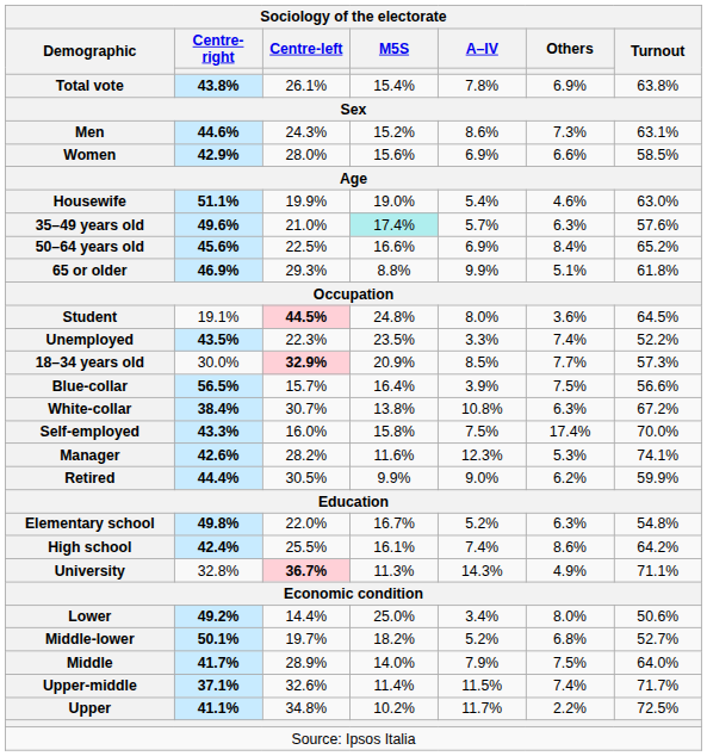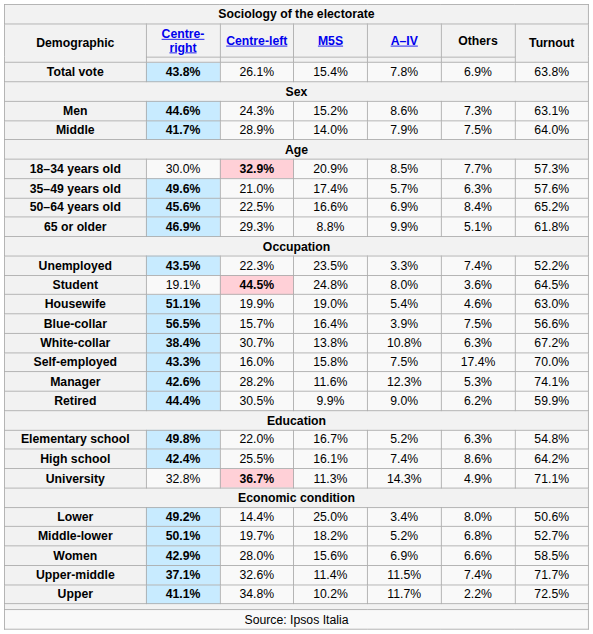 <table class="wikitable" style="font-size:90%;text-align:center;">
 <tr>
 <th colspan="7">Sociology of the electorate</th>
 </tr>
 <tr>
 <th scope="col" rowspan="2" class="unsortable" style="width:160px;">Demographic</th>
 <th scope="col" style="width:80px;"><a href='#'>Centre-right</a></th>
 <th scope="col" style="width:80px;"><a href='#'>Centre-left</a></th>
 <th scope="col" style="width:80px;"><a href='#'>M5S</a></th>
 <th scope="col" style="width:80px;"><a href='#'>A–IV</a></th>
 <th scope="col" style="width:80px;">Others</th>
 <th scope="col" rowspan="2" style="width:80px;">Turnout</th>
 </tr>
 <tr>
 <th style="background:"></th>
 <th style="background:"></th>
 <th style="background:"></th>
 <th style="background:"></th>
 <th style="background:"></th>
 </tr>
 <tr>
 <th>Total vote</th>
 <td style="background:#C8EBFF"><strong>43.8%</strong></td>
 <td>26.1%</td>
 <td>15.4%</td>
 <td>7.8%</td>
 <td>6.9%</td>
 <td>63.8%</td>
 </tr>
 <tr>
 <th colspan="7">Sex</th>
 </tr>
 <tr>
 <th>Men</th>
 <td style="background:#C8EBFF"><strong>44.6%</strong></td>
 <td>24.3%</td>
 <td>15.2%</td>
 <td>8.6%</td>
 <td>7.3%</td>
 <td>63.1%</td>
 </tr>
 <tr>
-<th>Women</th>
-<td style="background:#C8EBFF"><strong>42.9%</strong></td>
-<td>28.0%</td>
-<td>15.6%</td>
-<td>6.9%</td>
-<td>6.6%</td>
-<td>58.5%</td>
+<th>Middle</th>
+<td style="background:#C8EBFF"><strong>41.7%</strong></td>
+<td>28.9%</td>
+<td>14.0%</td>
+<td>7.9%</td>
+<td>7.5%</td>
+<td>64.0%</td>
 </tr>
 <tr>
 <th colspan="7">Age</th>
 </tr>
 <tr>
-<th>Housewife</th>
-<td style="background:#C8EBFF"><strong>51.1%</strong></td>
-<td>19.9%</td>
-<td>19.0%</td>
-<td>5.4%</td>
-<td>4.6%</td>
-<td>63.0%</td>
+<th>18–34 years old</th>
+<td>30.0%</td>
+<td style="background:#FFD0D7"><strong>32.9%</strong></td>
+<td>20.9%</td>
+<td>8.5%</td>
+<td>7.7%</td>
+<td>57.3%</td>
 </tr>
 <tr>
 <th>35–49 years old</th>
 <td style="background:#C8EBFF"><strong>49.6%</strong></td>
 <td>21.0%</td>
-<td style="background: paleturquoise;">17.4%</td>
+<td>17.4%</td>
 <td>5.7%</td>
 <td>6.3%</td>
 <td>57.6%</td>
 </tr>
 <tr>
 <th>50–64 years old</th>
 <td style="background:#C8EBFF"><strong>45.6%</strong></td>
 <td>22.5%</td>
 <td>16.6%</td>
 <td>6.9%</td>
 <td>8.4%</td>
 <td>65.2%</td>
 </tr>
 <tr>
 <th>65 or older</th>
 <td style="background:#C8EBFF"><strong>46.9%</strong></td>
 <td>29.3%</td>
 <td>8.8%</td>
 <td>9.9%</td>
 <td>5.1%</td>
 <td>61.8%</td>
 </tr>
 <tr>
 <th colspan="7">Occupation</th>
 </tr>
 <tr>
+<th>Unemployed</th>
+<td style="background:#C8EBFF"><strong>43.5%</strong></td>
+<td>22.3%</td>
+<td>23.5%</td>
+<td>3.3%</td>
+<td>7.4%</td>
+<td>52.2%</td>
+</tr>
+<tr>
 <th>Student</th>
 <td>19.1%</td>
 <td style="background:#FFD0D7"><strong>44.5%</strong></td>
 <td>24.8%</td>
 <td>8.0%</td>
 <td>3.6%</td>
 <td>64.5%</td>
 </tr>
 <tr>
-<th>Unemployed</th>
-<td style="background:#C8EBFF"><strong>43.5%</strong></td>
-<td>22.3%</td>
-<td>23.5%</td>
-<td>3.3%</td>
-<td>7.4%</td>
-<td>52.2%</td>
-</tr>
-<tr>
-<th>18–34 years old</th>
-<td>30.0%</td>
-<td style="background:#FFD0D7"><strong>32.9%</strong></td>
-<td>20.9%</td>
-<td>8.5%</td>
-<td>7.7%</td>
-<td>57.3%</td>
+<th>Housewife</th>
+<td style="background:#C8EBFF"><strong>51.1%</strong></td>
+<td>19.9%</td>
+<td>19.0%</td>
+<td>5.4%</td>
+<td>4.6%</td>
+<td>63.0%</td>
 </tr>
 <tr>
 <th>Blue-collar</th>
 <td style="background:#C8EBFF"><strong>56.5%</strong></td>
 <td>15.7%</td>
 <td>16.4%</td>
 <td>3.9%</td>
 <td>7.5%</td>
 <td>56.6%</td>
 </tr>
 <tr>
 <th>White-collar</th>
 <td style="background:#C8EBFF"><strong>38.4%</strong></td>
 <td>30.7%</td>
 <td>13.8%</td>
 <td>10.8%</td>
 <td>6.3%</td>
 <td>67.2%</td>
 </tr>
 <tr>
 <th>Self-employed</th>
 <td style="background:#C8EBFF"><strong>43.3%</strong></td>
 <td>16.0%</td>
 <td>15.8%</td>
 <td>7.5%</td>
 <td>17.4%</td>
 <td>70.0%</td>
 </tr>
 <tr>
 <th>Manager</th>
 <td style="background:#C8EBFF"><strong>42.6%</strong></td>
 <td>28.2%</td>
 <td>11.6%</td>
 <td>12.3%</td>
 <td>5.3%</td>
 <td>74.1%</td>
 </tr>
 <tr>
 <th>Retired</th>
 <td style="background:#C8EBFF"><strong>44.4%</strong></td>
 <td>30.5%</td>
 <td>9.9%</td>
 <td>9.0%</td>
 <td>6.2%</td>
 <td>59.9%</td>
 </tr>
 <tr>
 <th colspan="7">Education</th>
 </tr>
 <tr>
 <th>Elementary school</th>
 <td style="background:#C8EBFF"><strong>49.8%</strong></td>
 <td>22.0%</td>
 <td>16.7%</td>
 <td>5.2%</td>
 <td>6.3%</td>
 <td>54.8%</td>
 </tr>
 <tr>
 <th>High school</th>
 <td style="background:#C8EBFF"><strong>42.4%</strong></td>
 <td>25.5%</td>
 <td>16.1%</td>
 <td>7.4%</td>
 <td>8.6%</td>
 <td>64.2%</td>
 </tr>
 <tr>
 <th>University</th>
 <td>32.8%</td>
 <td style="background:#FFD0D7"><strong>36.7%</strong></td>
 <td>11.3%</td>
 <td>14.3%</td>
 <td>4.9%</td>
 <td>71.1%</td>
 </tr>
 <tr>
 <th colspan="7">Economic condition</th>
 </tr>
 <tr>
 <th>Lower</th>
 <td style="background:#C8EBFF"><strong>49.2%</strong></td>
 <td>14.4%</td>
 <td>25.0%</td>
 <td>3.4%</td>
 <td>8.0%</td>
 <td>50.6%</td>
 </tr>
 <tr>
 <th>Middle-lower</th>
 <td style="background:#C8EBFF"><strong>50.1%</strong></td>
 <td>19.7%</td>
 <td>18.2%</td>
 <td>5.2%</td>
 <td>6.8%</td>
 <td>52.7%</td>
 </tr>
 <tr>
-<th>Middle</th>
-<td style="background:#C8EBFF"><strong>41.7%</strong></td>
-<td>28.9%</td>
-<td>14.0%</td>
-<td>7.9%</td>
-<td>7.5%</td>
-<td>64.0%</td>
+<th>Women</th>
+<td style="background:#C8EBFF"><strong>42.9%</strong></td>
+<td>28.0%</td>
+<td>15.6%</td>
+<td>6.9%</td>
+<td>6.6%</td>
+<td>58.5%</td>
 </tr>
 <tr>
 <th>Upper-middle</th>
 <td style="background:#C8EBFF"><strong>37.1%</strong></td>
 <td>32.6%</td>
 <td>11.4%</td>
 <td>11.5%</td>
 <td>7.4%</td>
 <td>71.7%</td>
 </tr>
 <tr>
 <th>Upper</th>
 <td style="background:#C8EBFF"><strong>41.1%</strong></td>
 <td>34.8%</td>
 <td>10.2%</td>
 <td>11.7%</td>
 <td>2.2%</td>
 <td>72.5%</td>
 </tr>
 <tr>
 <th colspan="7"></th>
 </tr>
 <tr>
 <td colspan="7">Source: Ipsos Italia</td>
 </tr>
 </table>
